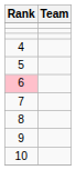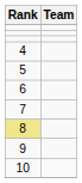 <table class="wikitable" border="1">
 <tr>
 <th>Rank</th>
 <th>Team</th>
 </tr>
 <tr>
 </tr>
 <tr>
 <td align=center></td>
 <td></td>
 </tr>
 <tr>
 <td align=center></td>
 <td></td>
 </tr>
 <tr>
 <td align=center></td>
 <td></td>
 </tr>
 <tr>
 <td align=center>4</td>
 <td></td>
 </tr>
 <tr>
 <td align=center>5</td>
 <td></td>
 </tr>
 <tr>
-<td align=center style="background: pink;">6</td>
+<td align=center>6</td>
 <td></td>
 </tr>
 <tr>
 <td align=center>7</td>
 <td></td>
 </tr>
 <tr>
-<td align=center>8</td>
+<td align=center style="background: khaki;">8</td>
 <td></td>
 </tr>
 <tr>
 <td align=center>9</td>
 <td></td>
 </tr>
 <tr>
 <td align=center>10</td>
 <td></td>
 </tr>
 <tr>
 </tr>
 </table>
